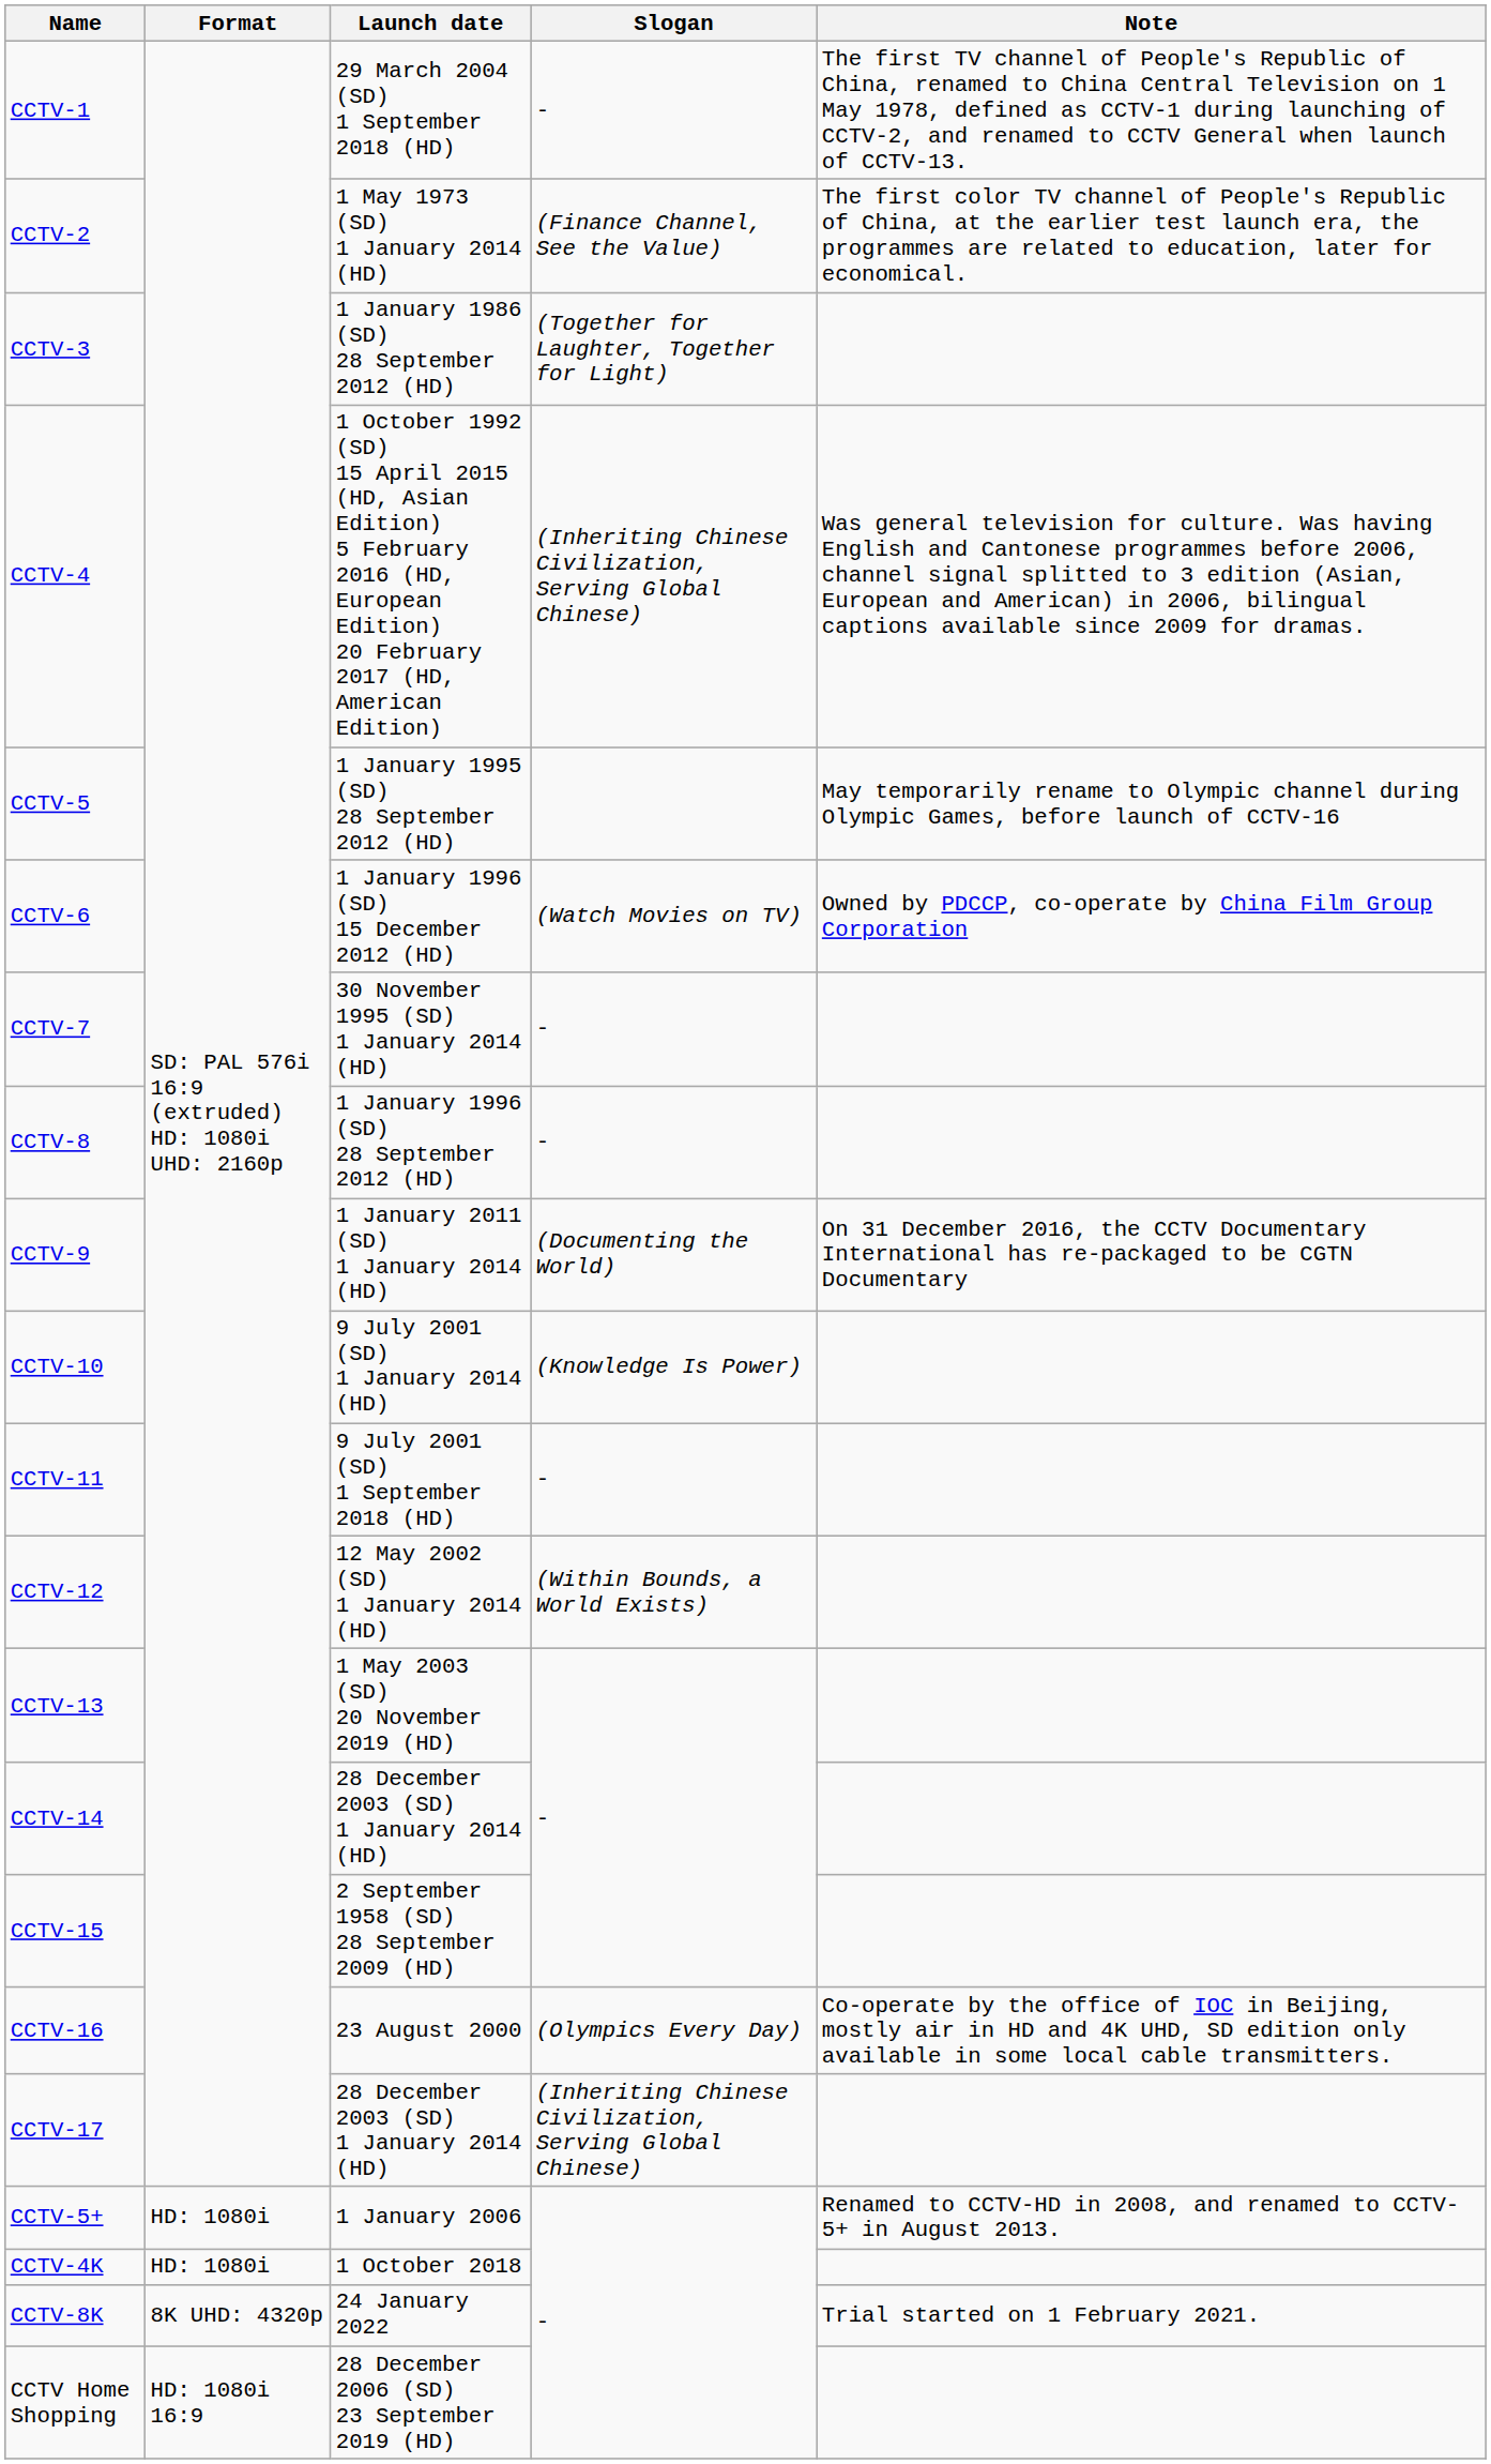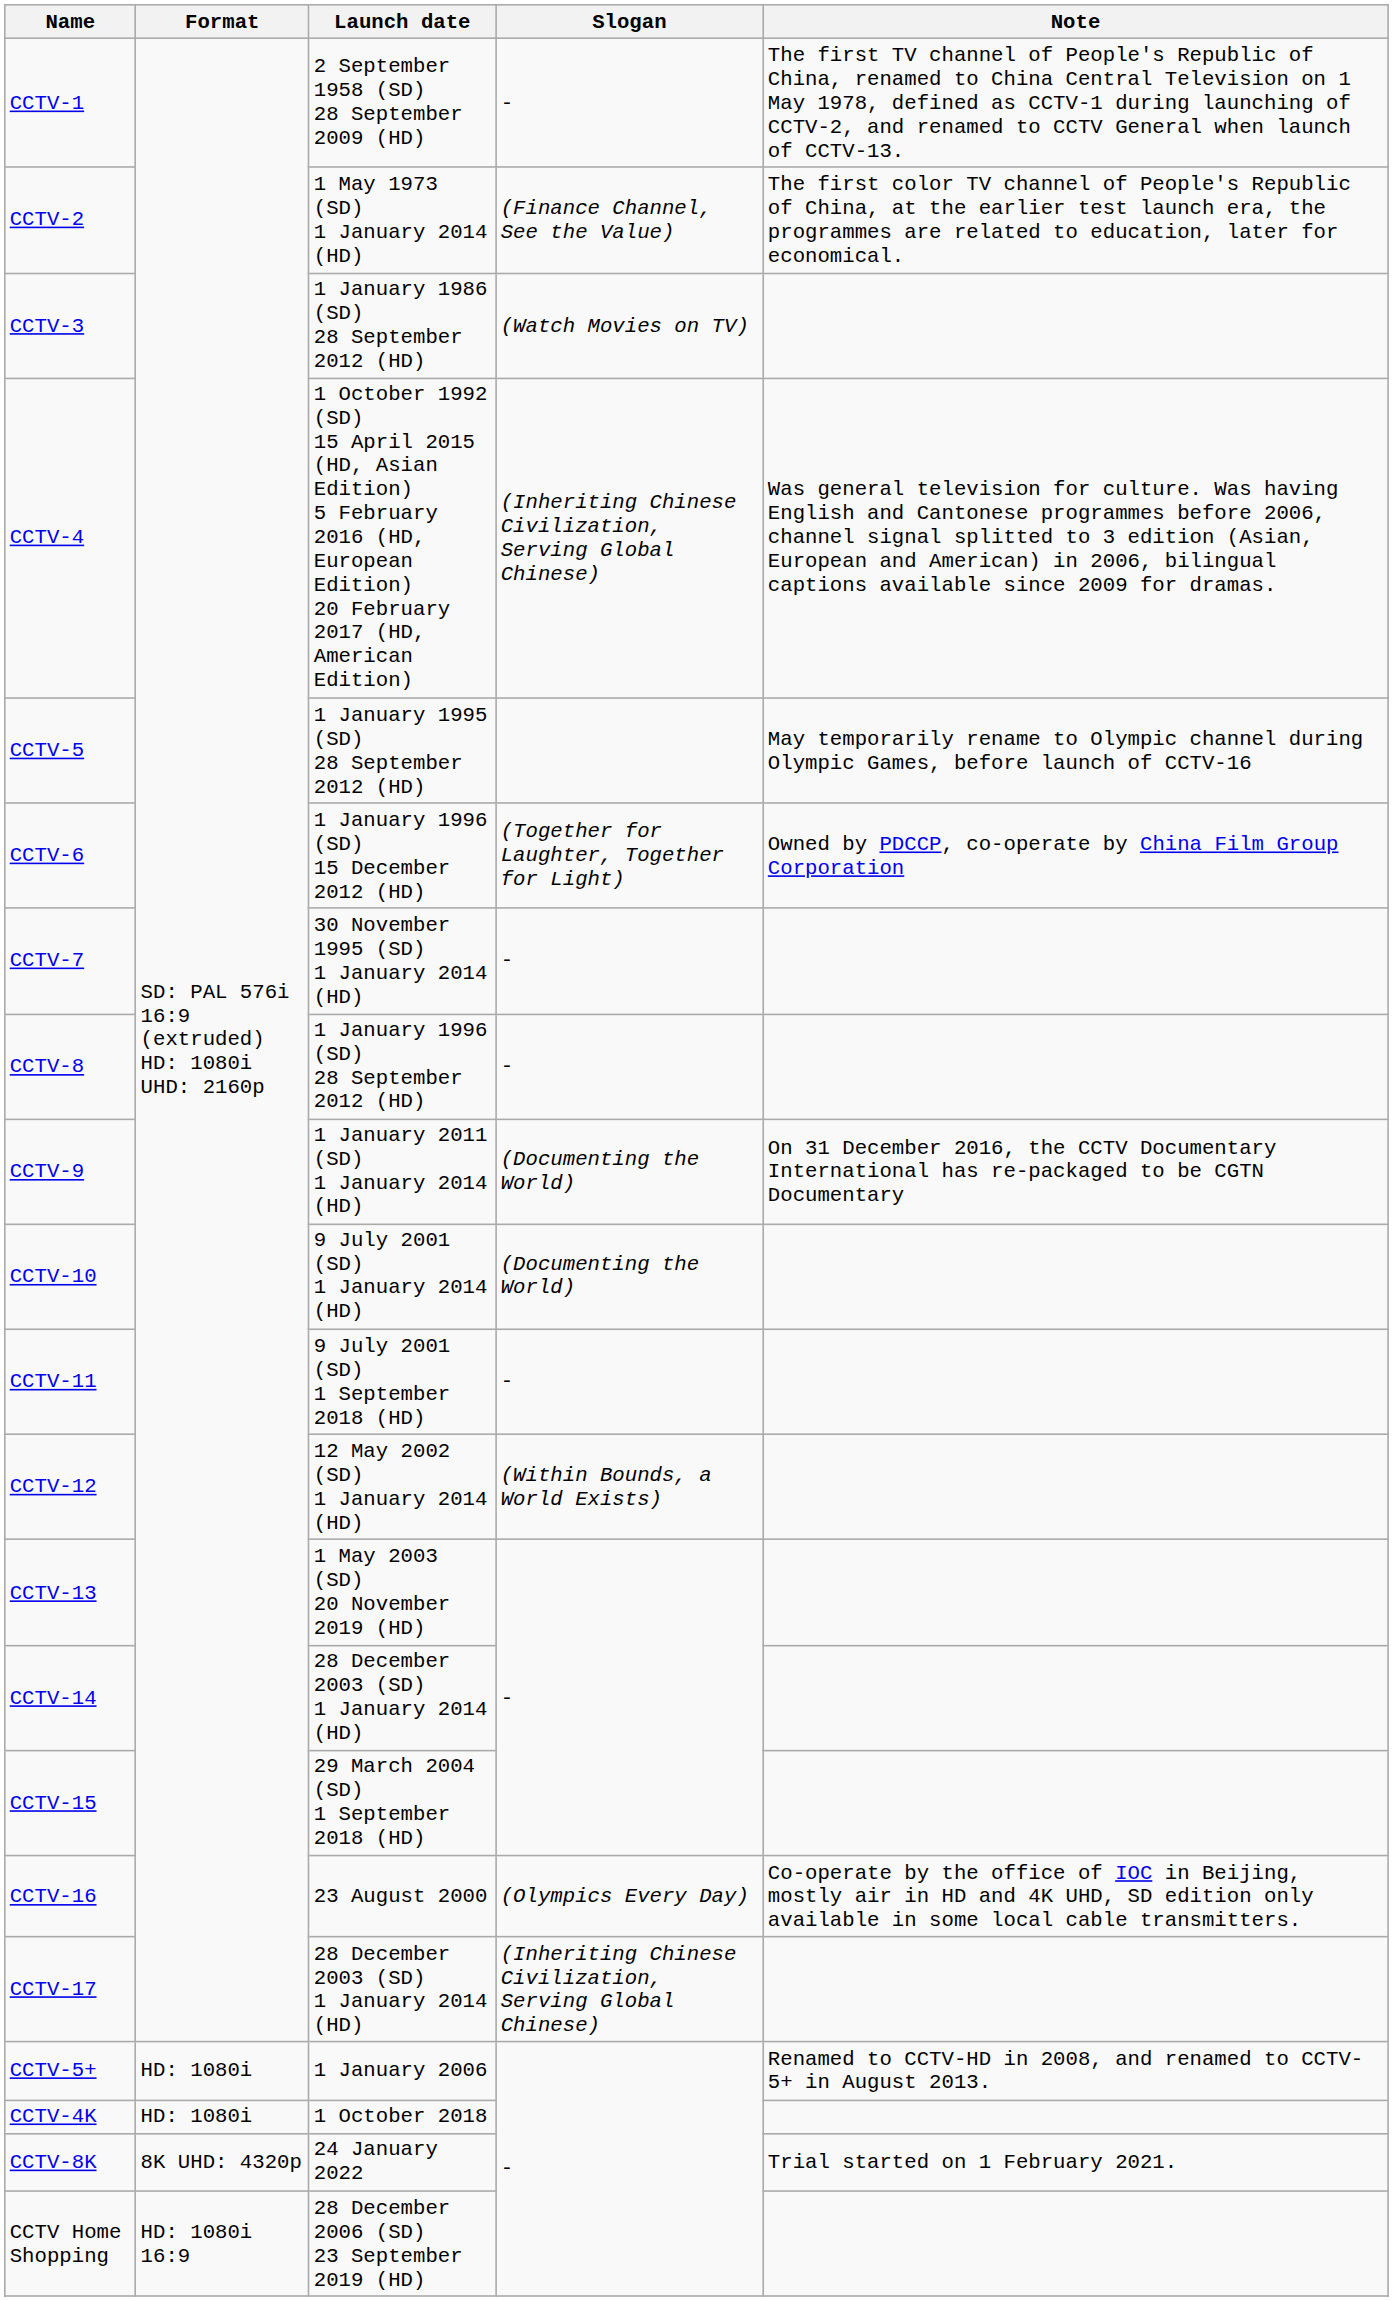 <table class="wikitable">
 <tr>
 <th>Name</th>
 <th>Format</th>
 <th>Launch date</th>
 <th>Slogan</th>
 <th>Note</th>
 </tr>
 <tr>
 <td><a href='#'>CCTV-1</a></td>
 <td rowspan="17">SD: PAL 576i 16:9 (extruded)<br>HD: 1080i UHD: 2160p</td>
-<td>29 March 2004 (SD)<br>1 September 2018 (HD)</td>
+<td>2 September 1958 (SD)<br>28 September 2009 (HD)</td>
 <td>-</td>
 <td>The first TV channel of People's Republic of China, renamed to China Central Television on 1 May 1978, defined as CCTV-1 during launching of CCTV-2, and renamed to CCTV General when launch of CCTV-13.</td>
 </tr>
 <tr>
 <td><a href='#'>CCTV-2</a></td>
 <td>1 May 1973 (SD)<br>1 January 2014 (HD)</td>
 <td> <em>(Finance Channel, See the Value)</em></td>
 <td>The first color TV channel of People's Republic of China, at the earlier test launch era, the programmes are related to education, later for economical.</td>
 </tr>
 <tr>
 <td><a href='#'>CCTV-3</a></td>
 <td>1 January 1986 (SD)<br>28 September 2012 (HD)</td>
-<td> <em>(Together for Laughter, Together for Light)</em></td>
+<td> <em>(Watch Movies on TV)</em></td>
 <td></td>
 </tr>
 <tr>
 <td><a href='#'>CCTV-4</a></td>
 <td>1 October 1992 (SD)<br>15 April 2015 (HD, Asian Edition)<br>5 February 2016 (HD, European Edition)<br>20 February 2017 (HD, American Edition)</td>
 <td> <em>(Inheriting Chinese Civilization, Serving Global Chinese)</em></td>
 <td>Was general television for culture. Was having English and Cantonese programmes before 2006, channel signal splitted to 3 edition (Asian, European and American) in 2006, bilingual captions available since 2009 for dramas.</td>
 </tr>
 <tr>
 <td><a href='#'>CCTV-5</a></td>
 <td>1 January 1995 (SD)<br>28 September 2012 (HD)</td>
 <td></td>
 <td>May temporarily rename to Olympic channel during Olympic Games, before launch of CCTV-16</td>
 </tr>
 <tr>
 <td><a href='#'>CCTV-6</a></td>
 <td>1 January 1996 (SD)<br>15 December 2012 (HD)</td>
-<td> <em>(Watch Movies on TV)</em></td>
+<td> <em>(Together for Laughter, Together for Light)</em></td>
 <td>Owned by <a href='#'>PDCCP</a>, co-operate by <a href='#'>China Film Group Corporation</a></td>
 </tr>
 <tr>
 <td><a href='#'>CCTV-7</a></td>
 <td>30 November 1995 (SD)<br>1 January 2014 (HD)</td>
 <td>-</td>
 <td></td>
 </tr>
 <tr>
 <td><a href='#'>CCTV-8</a></td>
 <td>1 January 1996 (SD)<br>28 September 2012 (HD)</td>
 <td>-</td>
 <td></td>
 </tr>
 <tr>
 <td><a href='#'>CCTV-9</a></td>
 <td>1 January 2011 (SD)<br>1 January 2014 (HD)</td>
 <td> <em>(Documenting the World)</em></td>
 <td>On 31 December 2016, the CCTV Documentary International has re-packaged to be CGTN Documentary</td>
 </tr>
 <tr>
 <td><a href='#'>CCTV-10</a></td>
 <td>9 July 2001 (SD)<br>1 January 2014 (HD)</td>
-<td> <em>(Knowledge Is Power)</em></td>
+<td> <em>(Documenting the World)</em></td>
 <td></td>
 </tr>
 <tr>
 <td><a href='#'>CCTV-11</a></td>
 <td>9 July 2001 (SD)<br>1 September 2018 (HD)</td>
 <td>-</td>
 <td></td>
 </tr>
 <tr>
 <td><a href='#'>CCTV-12</a></td>
 <td>12 May 2002 (SD)<br>1 January 2014 (HD)</td>
 <td> <em>(Within Bounds, a World Exists)</em></td>
 <td></td>
 </tr>
 <tr>
 <td><a href='#'>CCTV-13</a></td>
 <td>1 May 2003 (SD)<br>20 November 2019 (HD)</td>
 <td rowspan="3">-</td>
 <td></td>
 </tr>
 <tr>
 <td><a href='#'>CCTV-14</a></td>
 <td>28 December 2003 (SD)<br>1 January 2014 (HD)</td>
 <td></td>
 </tr>
 <tr>
 <td><a href='#'>CCTV-15</a></td>
-<td>2 September 1958 (SD)<br>28 September 2009 (HD)</td>
+<td>29 March 2004 (SD)<br>1 September 2018 (HD)</td>
 <td></td>
 </tr>
 <tr>
 <td><a href='#'>CCTV-16</a></td>
 <td>23 August 2000</td>
 <td> <em>(Olympics Every Day)</em></td>
 <td>Co-operate by the office of <a href='#'>IOC</a> in Beijing, mostly air in HD and 4K UHD, SD edition only available in some local cable transmitters.</td>
 </tr>
 <tr>
 <td><a href='#'>CCTV-17</a></td>
 <td>28 December 2003 (SD)<br>1 January 2014 (HD)</td>
 <td> <em>(Inheriting Chinese Civilization, Serving Global Chinese)</em></td>
 <td></td>
 </tr>
 <tr>
 <td><a href='#'>CCTV-5+</a></td>
 <td>HD: 1080i</td>
 <td>1 January 2006</td>
 <td rowspan="4">-</td>
 <td>Renamed to CCTV-HD in 2008, and renamed to CCTV-5+ in August 2013.</td>
 </tr>
 <tr>
 <td><a href='#'>CCTV-4K</a></td>
 <td>HD: 1080i</td>
 <td>1 October 2018</td>
 <td></td>
 </tr>
 <tr>
 <td><a href='#'>CCTV-8K</a></td>
 <td>8K UHD: 4320p</td>
 <td>24 January 2022</td>
 <td>Trial started on 1 February 2021.</td>
 </tr>
 <tr>
 <td>CCTV Home Shopping</td>
 <td>HD: 1080i 16:9</td>
 <td>28 December 2006 (SD)<br>23 September 2019 (HD)</td>
 <td></td>
 </tr>
 </table>
